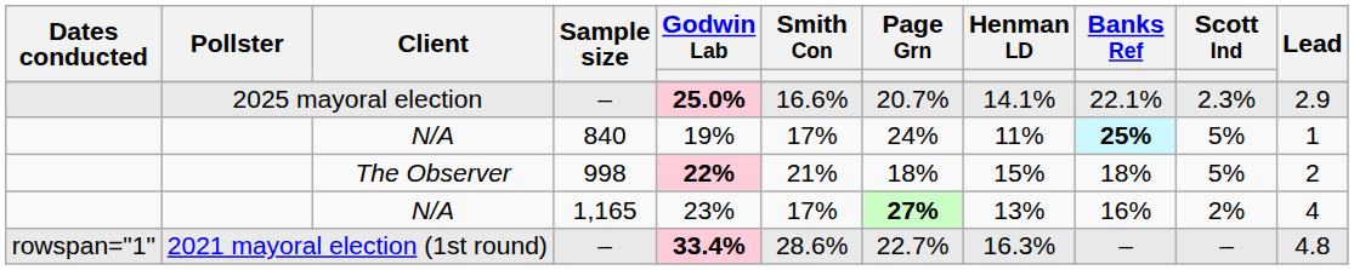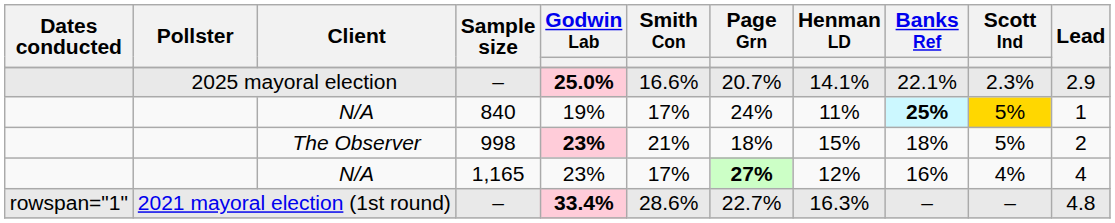 <table class="wikitable sortable tpl-blanktable" style="text-align:center; line-height:14px; font-size:90%;">
 <tr>
 <th rowspan="2">Dates<br>conducted</th>
 <th rowspan="2">Pollster</th>
 <th rowspan="2">Client</th>
 <th rowspan="2" data-sort-type="number">Sample<br>size</th>
 <th class="unsortable" style="width:50px;"><a href='#'>Godwin</a> <br> <small>Lab</small></th>
 <th class="unsortable" style="width:50px;">Smith <br> <small>Con</small></th>
 <th class="unsortable" style="width:50px;">Page <br> <small>Grn</small></th>
 <th class="unsortable" style="width:50px;">Henman <br> <small>LD</small></th>
 <th class="unsortable" style="width:50px;"><a href='#'>Banks</a> <br> <small><a href='#'>Ref</a></small></th>
 <th class="unsortable" style="width:50px;">Scott <br> <small>Ind</small></th>
 <th rowspan="2" data-sort-type="number">Lead</th>
 </tr>
 <tr>
 <th data-sort-type="number" style="background:"></th>
 <th data-sort-type="number" style="background:"></th>
 <th data-sort-type="number" style="background:"></th>
 <th data-sort-type="number" style="background:"></th>
 <th data-sort-type="number" style="background:"></th>
 <th data-sort-type="number" style="background:"></th>
 </tr>
 <tr>
 </tr>
 <tr style="background:#E9E9E9;">
 <td></td>
 <td colspan="2" rowspan="1">2025 mayoral election</td>
 <td>–</td>
 <td style="background:#ffccd9;"><strong>25.0%</strong></td>
 <td>16.6%</td>
 <td>20.7%</td>
 <td>14.1%</td>
 <td>22.1%</td>
 <td>2.3%</td>
 <td style="background:">2.9</td>
 </tr>
 <tr>
 <td></td>
 <td></td>
 <td><em>N/A</em></td>
 <td>840</td>
 <td>19%</td>
 <td>17%</td>
 <td>24%</td>
 <td>11%</td>
 <td style="background:#ccf8ff; color:black;"><strong>25%</strong></td>
-<td>5%</td>
+<td style="background: gold;">5%</td>
 <td style="background:">1</td>
 </tr>
 <tr>
 <td></td>
 <td></td>
 <td><em>The Observer</em></td>
 <td>998</td>
-<td style="background:#ffccd9;"><strong>22%</strong></td>
+<td style="background:#ffccd9;"><strong>23%</strong></td>
 <td>21%</td>
 <td>18%</td>
 <td>15%</td>
 <td>18%</td>
 <td>5%</td>
 <td style="background:">2</td>
 </tr>
 <tr>
 <td></td>
 <td></td>
 <td><em>N/A</em></td>
 <td>1,165</td>
 <td>23%</td>
 <td>17%</td>
 <td style="background:#CCFFC6;"><strong>27%</strong></td>
-<td>13%</td>
+<td>12%</td>
 <td>16%</td>
-<td>2%</td>
+<td>4%</td>
 <td style="background:">4</td>
 </tr>
 <tr style="background:#E9E9E9;">
 <td>rowspan="1" </td>
 <td colspan="2" rowspan="1"><a href='#'>2021 mayoral election</a> (1st round)</td>
 <td>–</td>
 <td style="background:#ffccd9;"><strong>33.4%</strong></td>
 <td>28.6%</td>
 <td>22.7%</td>
 <td>16.3%</td>
 <td>–</td>
 <td>–</td>
 <td style="background:">4.8</td>
 </tr>
 </table>
